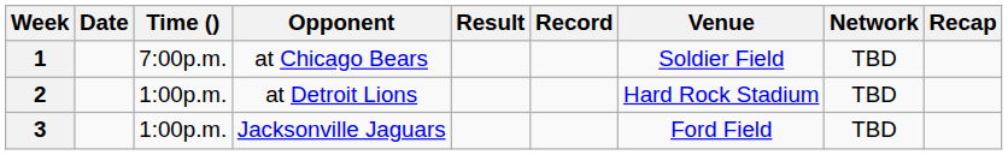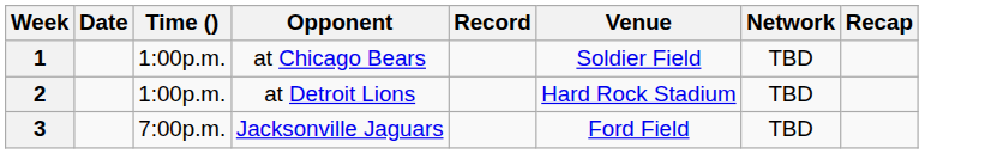 <table class="wikitable" style="text-align:center">
 <tr>
 <th>Week</th>
 <th>Date</th>
 <th>Time (<a href='#'></a>)</th>
 <th>Opponent</th>
-<th>Result</th>
 <th>Record</th>
 <th>Venue</th>
 <th>Network</th>
 <th>Recap</th>
 </tr>
 <tr>
 <th>1</th>
 <td></td>
-<td>7:00p.m.</td>
+<td>1:00p.m.</td>
 <td>at <a href='#'>Chicago Bears</a></td>
-<td></td>
 <td></td>
 <td><a href='#'>Soldier Field</a></td>
 <td>TBD</td>
 <td></td>
 </tr>
 <tr>
 <th>2</th>
 <td></td>
 <td>1:00p.m.</td>
 <td>at <a href='#'>Detroit Lions</a></td>
 <td></td>
-<td></td>
 <td><a href='#'>Hard Rock Stadium</a></td>
 <td>TBD</td>
 <td></td>
 </tr>
 <tr>
 <th>3</th>
 <td></td>
-<td>1:00p.m.</td>
+<td>7:00p.m.</td>
 <td><a href='#'>Jacksonville Jaguars</a></td>
-<td></td>
 <td></td>
 <td><a href='#'>Ford Field</a></td>
 <td>TBD</td>
 <td></td>
 </tr>
 </table>
